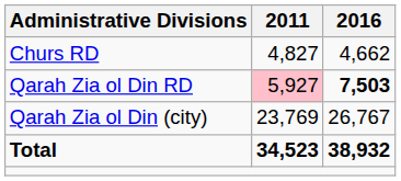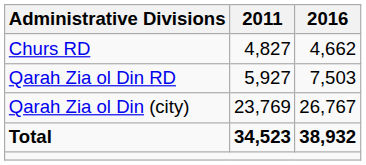 <table class="wikitable">
 <tr>
 <th>Administrative Divisions</th>
 <th>2011</th>
 <th>2016</th>
 </tr>
 <tr>
 <td><a href='#'>Churs RD</a></td>
 <td style="text-align: right;">4,827</td>
 <td style="text-align: right;">4,662</td>
 </tr>
 <tr>
 <td><a href='#'>Qarah Zia ol Din RD</a></td>
-<td style="background: pink; text-align: right;">5,927</td>
-<td style="text-align: right;"><strong>7,503</strong></td>
+<td style="text-align: right;">5,927</td>
+<td style="text-align: right;">7,503</td>
 </tr>
 <tr>
 <td><a href='#'>Qarah Zia ol Din</a> (city)</td>
 <td style="text-align: right;">23,769</td>
 <td style="text-align: right;">26,767</td>
 </tr>
 <tr>
 <td><strong>Total</strong></td>
 <td style="text-align: right;"><strong>34,523</strong></td>
 <td style="text-align: right;"><strong>38,932</strong></td>
 </tr>
 <tr>
 <td colspan=3></td>
 </tr>
 </table>
